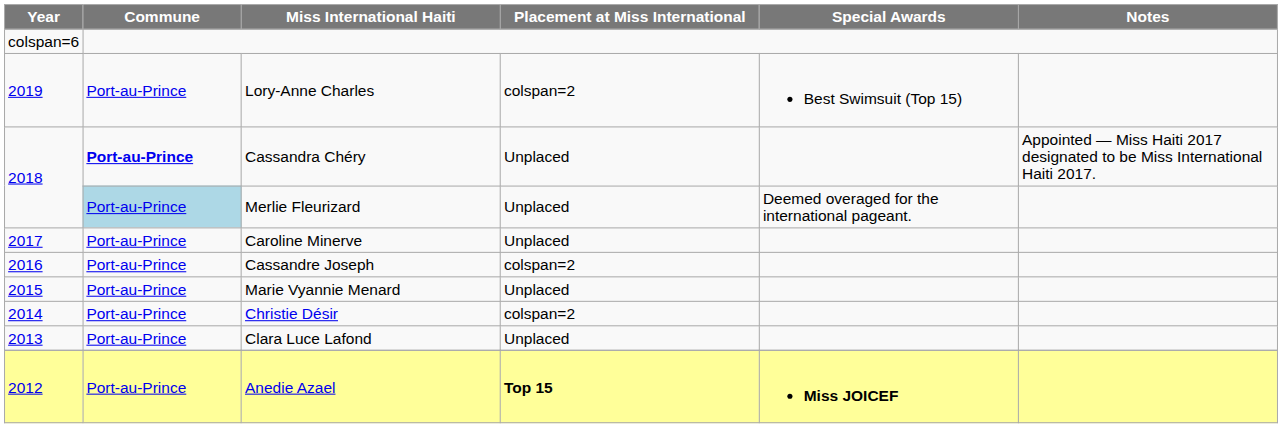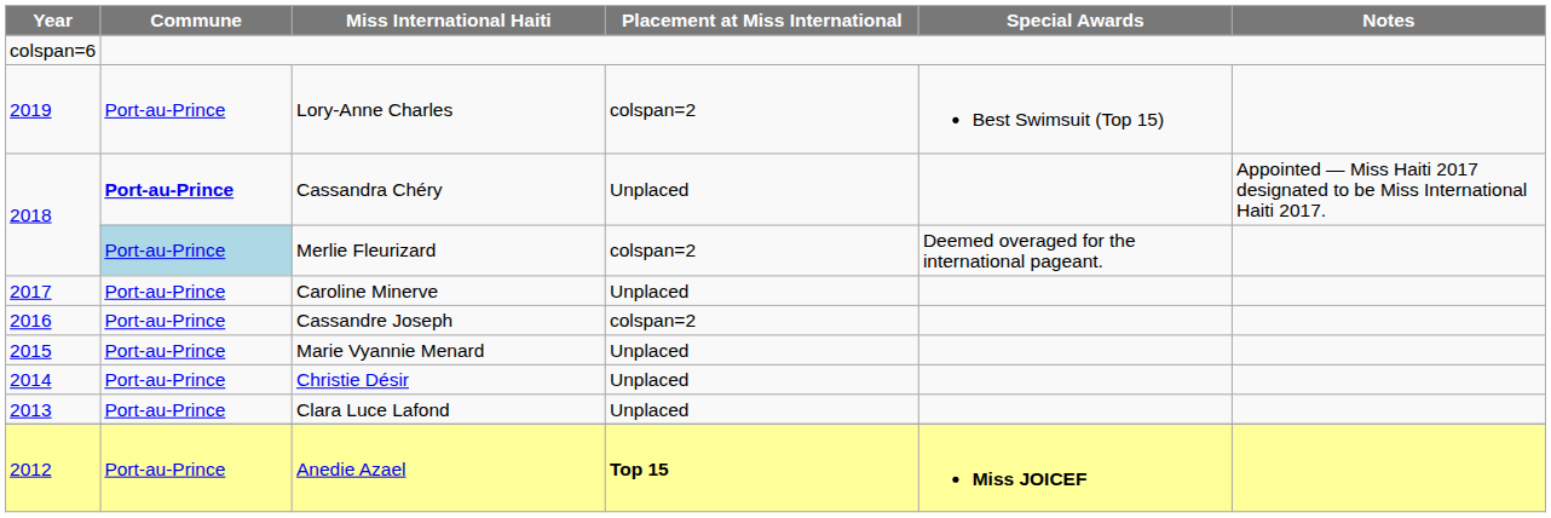 <table class="wikitable " style="font-size: 95%;">
 <tr>
 <th width="60" style="background-color:#787878;color:#FFFFFF;">Year</th>
 <th width="150" style="background-color:#787878;color:#FFFFFF;">Commune</th>
 <th width="250" style="background-color:#787878;color:#FFFFFF;">Miss International Haiti</th>
 <th width="250" style="background-color:#787878;color:#FFFFFF;">Placement at Miss International</th>
 <th width="250" style="background-color:#787878;color:#FFFFFF;">Special Awards</th>
 <th width="250" style="background-color:#787878;color:#FFFFFF;">Notes</th>
 </tr>
 <tr>
 <td>colspan=6 </td>
 </tr>
 <tr>
 <td><a href='#'>2019</a></td>
 <td><a href='#'>Port-au-Prince</a></td>
 <td>Lory-Anne Charles</td>
 <td>colspan=2 </td>
 <td align="left"><br><ul><li>Best Swimsuit (Top 15)</li></ul></td>
 <td></td>
 </tr>
 <tr>
 <td rowspan=2><a href='#'>2018</a></td>
 <td><strong><a href='#'>Port-au-Prince</a></strong></td>
 <td>Cassandra Chéry</td>
 <td>Unplaced</td>
 <td></td>
 <td>Appointed — Miss Haiti 2017 designated to be Miss International Haiti 2017.</td>
 </tr>
 <tr>
 <td style="background: lightblue;"><a href='#'>Port-au-Prince</a></td>
 <td>Merlie Fleurizard</td>
-<td>Unplaced</td>
+<td>colspan=2 </td>
 <td>Deemed overaged for the international pageant.</td>
 </tr>
 <tr>
 <td><a href='#'>2017</a></td>
 <td><a href='#'>Port-au-Prince</a></td>
 <td>Caroline Minerve</td>
 <td>Unplaced</td>
 <td></td>
 <td></td>
 </tr>
 <tr>
 <td><a href='#'>2016</a></td>
 <td><a href='#'>Port-au-Prince</a></td>
 <td>Cassandre Joseph</td>
 <td>colspan=2 </td>
 <td></td>
 <td></td>
 </tr>
 <tr>
 <td><a href='#'>2015</a></td>
 <td><a href='#'>Port-au-Prince</a></td>
 <td>Marie Vyannie Menard</td>
 <td>Unplaced</td>
 <td></td>
 <td></td>
 </tr>
 <tr>
 <td><a href='#'>2014</a></td>
 <td><a href='#'>Port-au-Prince</a></td>
 <td><a href='#'>Christie Désir</a></td>
-<td>colspan=2 </td>
+<td>Unplaced</td>
 <td></td>
 <td></td>
 </tr>
 <tr>
 <td><a href='#'>2013</a></td>
 <td><a href='#'>Port-au-Prince</a></td>
 <td>Clara Luce Lafond</td>
 <td>Unplaced</td>
 <td></td>
 <td></td>
 </tr>
 <tr>
 </tr>
 <tr style="background-color:#FFFF99;">
 <td><a href='#'>2012</a></td>
 <td><a href='#'>Port-au-Prince</a></td>
 <td><a href='#'>Anedie Azael</a></td>
 <td><strong>Top 15</strong></td>
 <td align="left"><br><ul><li><strong>Miss JOICEF</strong></li></ul></td>
 <td></td>
 </tr>
 </table>
